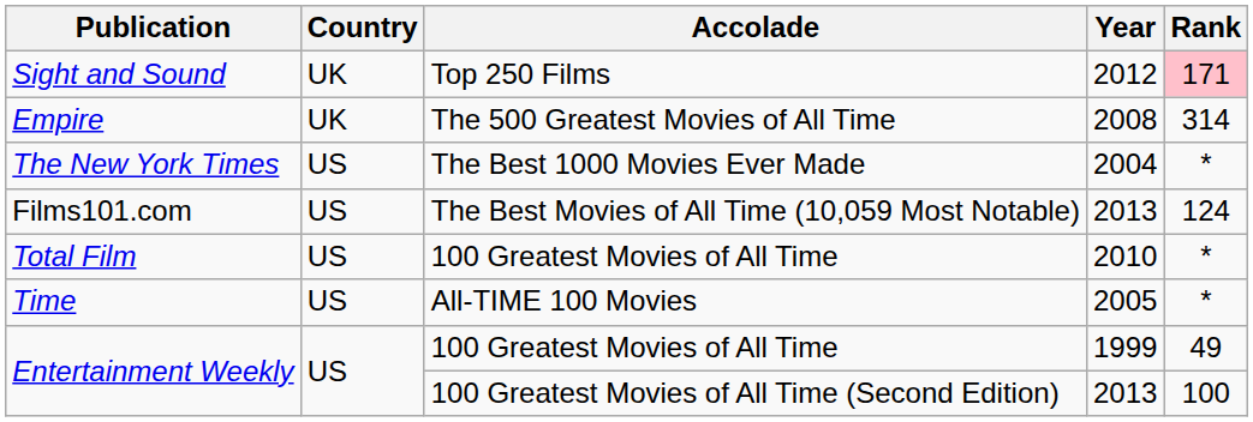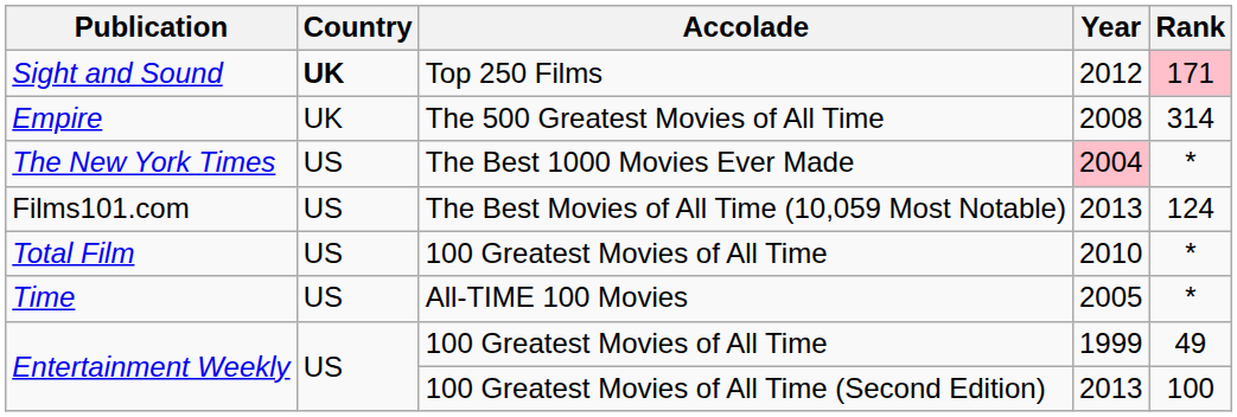 <table class="wikitable">
 <tr>
 <th>Publication</th>
 <th>Country</th>
 <th>Accolade</th>
 <th>Year</th>
 <th>Rank</th>
 </tr>
 <tr>
 <td><em><a href='#'>Sight and Sound</a></em></td>
-<td>UK</td>
+<td><strong>UK</strong></td>
 <td>Top 250 Films</td>
 <td>2012</td>
 <td style="background: pink; text-align:center;">171</td>
 </tr>
 <tr>
 <td><em><a href='#'>Empire</a></em></td>
 <td>UK</td>
 <td>The 500 Greatest Movies of All Time</td>
 <td>2008</td>
 <td style="text-align:center;">314</td>
 </tr>
 <tr>
 <td><em><a href='#'>The New York Times</a></em></td>
 <td>US</td>
 <td>The Best 1000 Movies Ever Made</td>
-<td>2004</td>
+<td style="background: pink;">2004</td>
 <td style="text-align:center;">*</td>
 </tr>
 <tr>
 <td>Films101.com</td>
 <td>US</td>
 <td>The Best Movies of All Time (10,059 Most Notable)</td>
 <td>2013</td>
 <td style="text-align:center;">124</td>
 </tr>
 <tr>
 <td><em><a href='#'>Total Film</a></em></td>
 <td>US</td>
 <td>100 Greatest Movies of All Time</td>
 <td>2010</td>
 <td style="text-align:center;">*</td>
 </tr>
 <tr>
 <td><em><a href='#'>Time</a></em></td>
 <td>US</td>
 <td>All-TIME 100 Movies</td>
 <td>2005</td>
 <td style="text-align:center;">*</td>
 </tr>
 <tr>
 <td rowspan=2><em><a href='#'>Entertainment Weekly</a></em></td>
 <td rowspan=2>US</td>
 <td>100 Greatest Movies of All Time</td>
 <td>1999</td>
 <td style="text-align:center;">49</td>
 </tr>
 <tr>
 <td>100 Greatest Movies of All Time (Second Edition)</td>
 <td>2013</td>
 <td style="text-align:center;">100</td>
 </tr>
 </table>
